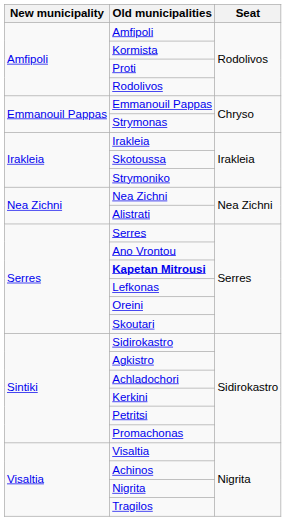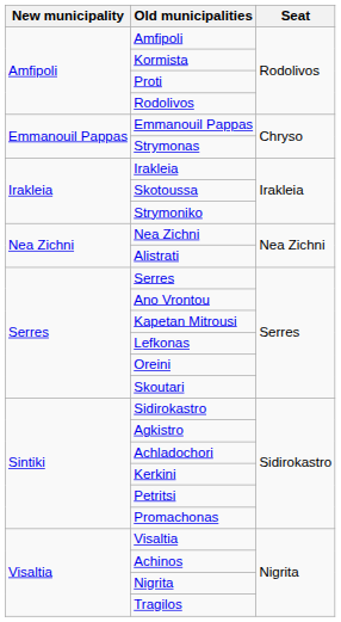 <table class="wikitable">
 <tr>
 <th>New municipality</th>
 <th>Old municipalities</th>
 <th>Seat</th>
 </tr>
 <tr>
 <td rowspan=4><a href='#'>Amfipoli</a></td>
 <td><a href='#'>Amfipoli</a></td>
 <td rowspan=4>Rodolivos</td>
 </tr>
 <tr>
 <td><a href='#'>Kormista</a></td>
 </tr>
 <tr>
 <td><a href='#'>Proti</a></td>
 </tr>
 <tr>
 <td><a href='#'>Rodolivos</a></td>
 </tr>
 <tr>
 <td rowspan=2><a href='#'>Emmanouil Pappas</a></td>
 <td><a href='#'>Emmanouil Pappas</a></td>
 <td rowspan=2>Chryso</td>
 </tr>
 <tr>
 <td><a href='#'>Strymonas</a></td>
 </tr>
 <tr>
 <td rowspan=3><a href='#'>Irakleia</a></td>
 <td><a href='#'>Irakleia</a></td>
 <td rowspan=3>Irakleia</td>
 </tr>
 <tr>
 <td><a href='#'>Skotoussa</a></td>
 </tr>
 <tr>
 <td><a href='#'>Strymoniko</a></td>
 </tr>
 <tr>
 <td rowspan=2><a href='#'>Nea Zichni</a></td>
 <td><a href='#'>Nea Zichni</a></td>
 <td rowspan=2>Nea Zichni</td>
 </tr>
 <tr>
 <td><a href='#'>Alistrati</a></td>
 </tr>
 <tr>
 <td rowspan=6><a href='#'>Serres</a></td>
 <td><a href='#'>Serres</a></td>
 <td rowspan=6>Serres</td>
 </tr>
 <tr>
 <td><a href='#'>Ano Vrontou</a></td>
 </tr>
 <tr>
-<td><strong><a href='#'>Kapetan Mitrousi</a></strong></td>
+<td><a href='#'>Kapetan Mitrousi</a></td>
 </tr>
 <tr>
 <td><a href='#'>Lefkonas</a></td>
 </tr>
 <tr>
 <td><a href='#'>Oreini</a></td>
 </tr>
 <tr>
 <td><a href='#'>Skoutari</a></td>
 </tr>
 <tr>
 <td rowspan=6><a href='#'>Sintiki</a></td>
 <td><a href='#'>Sidirokastro</a></td>
 <td rowspan=6>Sidirokastro</td>
 </tr>
 <tr>
 <td><a href='#'>Agkistro</a></td>
 </tr>
 <tr>
 <td><a href='#'>Achladochori</a></td>
 </tr>
 <tr>
 <td><a href='#'>Kerkini</a></td>
 </tr>
 <tr>
 <td><a href='#'>Petritsi</a></td>
 </tr>
 <tr>
 <td><a href='#'>Promachonas</a></td>
 </tr>
 <tr>
 <td rowspan=4><a href='#'>Visaltia</a></td>
 <td><a href='#'>Visaltia</a></td>
 <td rowspan=4>Nigrita</td>
 </tr>
 <tr>
 <td><a href='#'>Achinos</a></td>
 </tr>
 <tr>
 <td><a href='#'>Nigrita</a></td>
 </tr>
 <tr>
 <td><a href='#'>Tragilos</a></td>
 </tr>
 </table>
